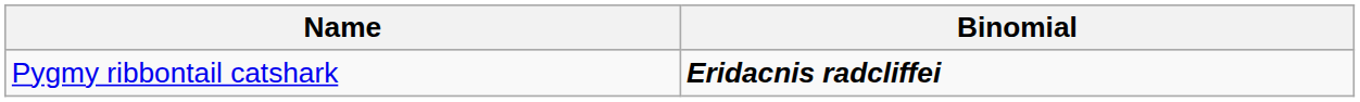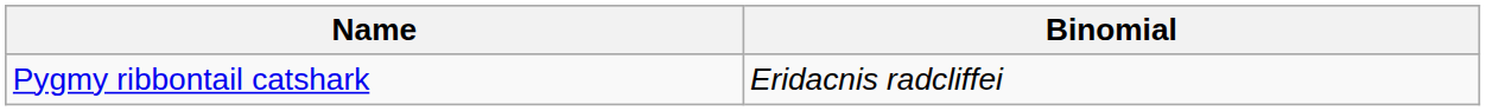 <table width=60% class="wikitable">
 <tr>
 <th width=20%>Name</th>
 <th width=20%>Binomial</th>
 </tr>
 <tr>
 <td><a href='#'>Pygmy ribbontail catshark</a><br></td>
-<td><strong><em>Eridacnis radcliffei</em></strong></td>
+<td><em>Eridacnis radcliffei</em></td>
 </tr>
 </table>
